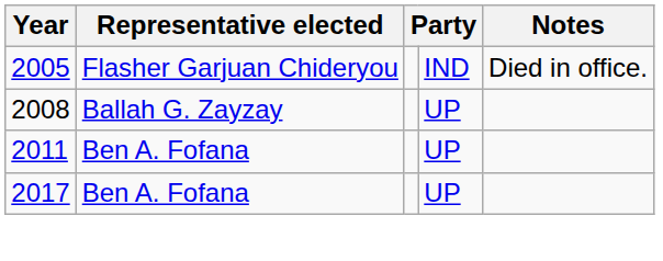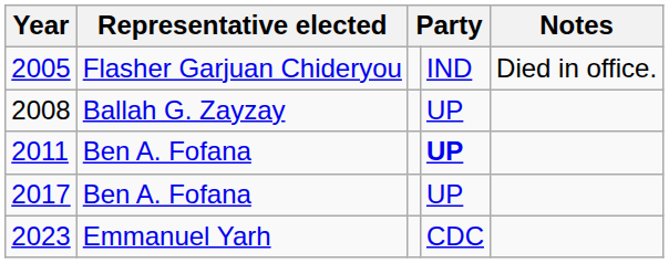 <table class="wikitable">
 <tr>
 <th>Year</th>
 <th>Representative elected</th>
 <th colspan=2>Party</th>
 <th>Notes</th>
 </tr>
 <tr>
 <td><a href='#'>2005</a></td>
 <td><a href='#'>Flasher Garjuan Chideryou</a></td>
 <td></td>
 <td><a href='#'>IND</a></td>
 <td>Died in office.</td>
 </tr>
 <tr>
 <td>2008</td>
 <td><a href='#'>Ballah G. Zayzay</a></td>
 <td></td>
 <td><a href='#'>UP</a></td>
 <td></td>
 </tr>
 <tr>
 <td><a href='#'>2011</a></td>
 <td><a href='#'>Ben A. Fofana</a></td>
 <td></td>
-<td><a href='#'>UP</a></td>
+<td><strong><a href='#'>UP</a></strong></td>
 <td></td>
 </tr>
 <tr>
 <td><a href='#'>2017</a></td>
 <td><a href='#'>Ben A. Fofana</a></td>
 <td></td>
 <td><a href='#'>UP</a></td>
 <td></td>
 </tr>
+<tr>
+<td><a href='#'>2023</a></td>
+<td><a href='#'>Emmanuel Yarh</a></td>
+<td></td>
+<td><a href='#'>CDC</a></td>
+<td></td>
+</tr>
 </table>
